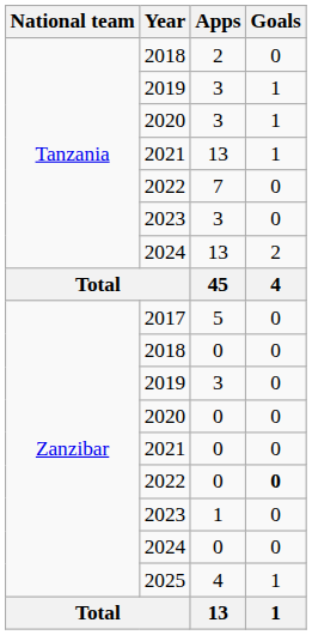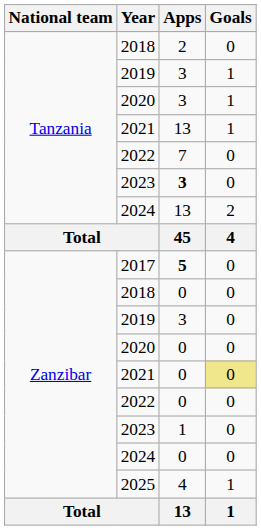 <table class="wikitable" style="text-align: center;">
 <tr>
 <th>National team</th>
 <th>Year</th>
 <th>Apps</th>
 <th>Goals</th>
 </tr>
 <tr>
 <td rowspan="7"><a href='#'>Tanzania</a></td>
 <td>2018</td>
 <td>2</td>
 <td>0</td>
 </tr>
 <tr>
 <td>2019</td>
 <td>3</td>
 <td>1</td>
 </tr>
 <tr>
 <td>2020</td>
 <td>3</td>
 <td>1</td>
 </tr>
 <tr>
 <td>2021</td>
 <td>13</td>
 <td>1</td>
 </tr>
 <tr>
 <td>2022</td>
 <td>7</td>
 <td>0</td>
 </tr>
 <tr>
 <td>2023</td>
-<td>3</td>
+<td><strong>3</strong></td>
 <td>0</td>
 </tr>
 <tr>
 <td>2024</td>
 <td>13</td>
 <td>2</td>
 </tr>
 <tr>
 <th colspan="2">Total</th>
 <th>45</th>
 <th>4</th>
 </tr>
 <tr>
 <td rowspan="9"><a href='#'>Zanzibar</a></td>
 <td>2017</td>
-<td>5</td>
+<td><strong>5</strong></td>
 <td>0</td>
 </tr>
 <tr>
 <td>2018</td>
 <td>0</td>
 <td>0</td>
 </tr>
 <tr>
 <td>2019</td>
 <td>3</td>
 <td>0</td>
 </tr>
 <tr>
 <td>2020</td>
 <td>0</td>
 <td>0</td>
 </tr>
 <tr>
 <td>2021</td>
 <td>0</td>
-<td>0</td>
+<td style="background: khaki;">0</td>
 </tr>
 <tr>
 <td>2022</td>
 <td>0</td>
-<td><strong>0</strong></td>
+<td>0</td>
 </tr>
 <tr>
 <td>2023</td>
 <td>1</td>
 <td>0</td>
 </tr>
 <tr>
 <td>2024</td>
 <td>0</td>
 <td>0</td>
 </tr>
 <tr>
 <td>2025</td>
 <td>4</td>
 <td>1</td>
 </tr>
 <tr>
 <th colspan="2">Total</th>
 <th>13</th>
 <th>1</th>
 </tr>
 </table>
